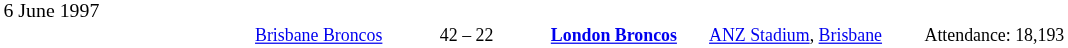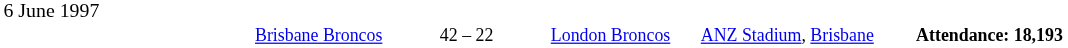 <table style="width:70%;" cellspacing="1">
 <tr>
 <th width=35%></th>
 <th width=15%></th>
 <th></th>
 </tr>
 <tr>
 <td>6 June 1997</td>
 </tr>
 <tr style=font-size:90%>
 <td align=right><a href='#'>Brisbane Broncos</a></td>
 <td align=center>42 – 22</td>
-<td><strong><a href='#'>London Broncos</a></strong></td>
+<td><a href='#'>London Broncos</a></td>
 <td><a href='#'>ANZ Stadium</a>, <a href='#'>Brisbane</a></td>
-<td>Attendance: 18,193</td>
+<td><strong>Attendance: 18,193</strong></td>
 </tr>
 </table>
